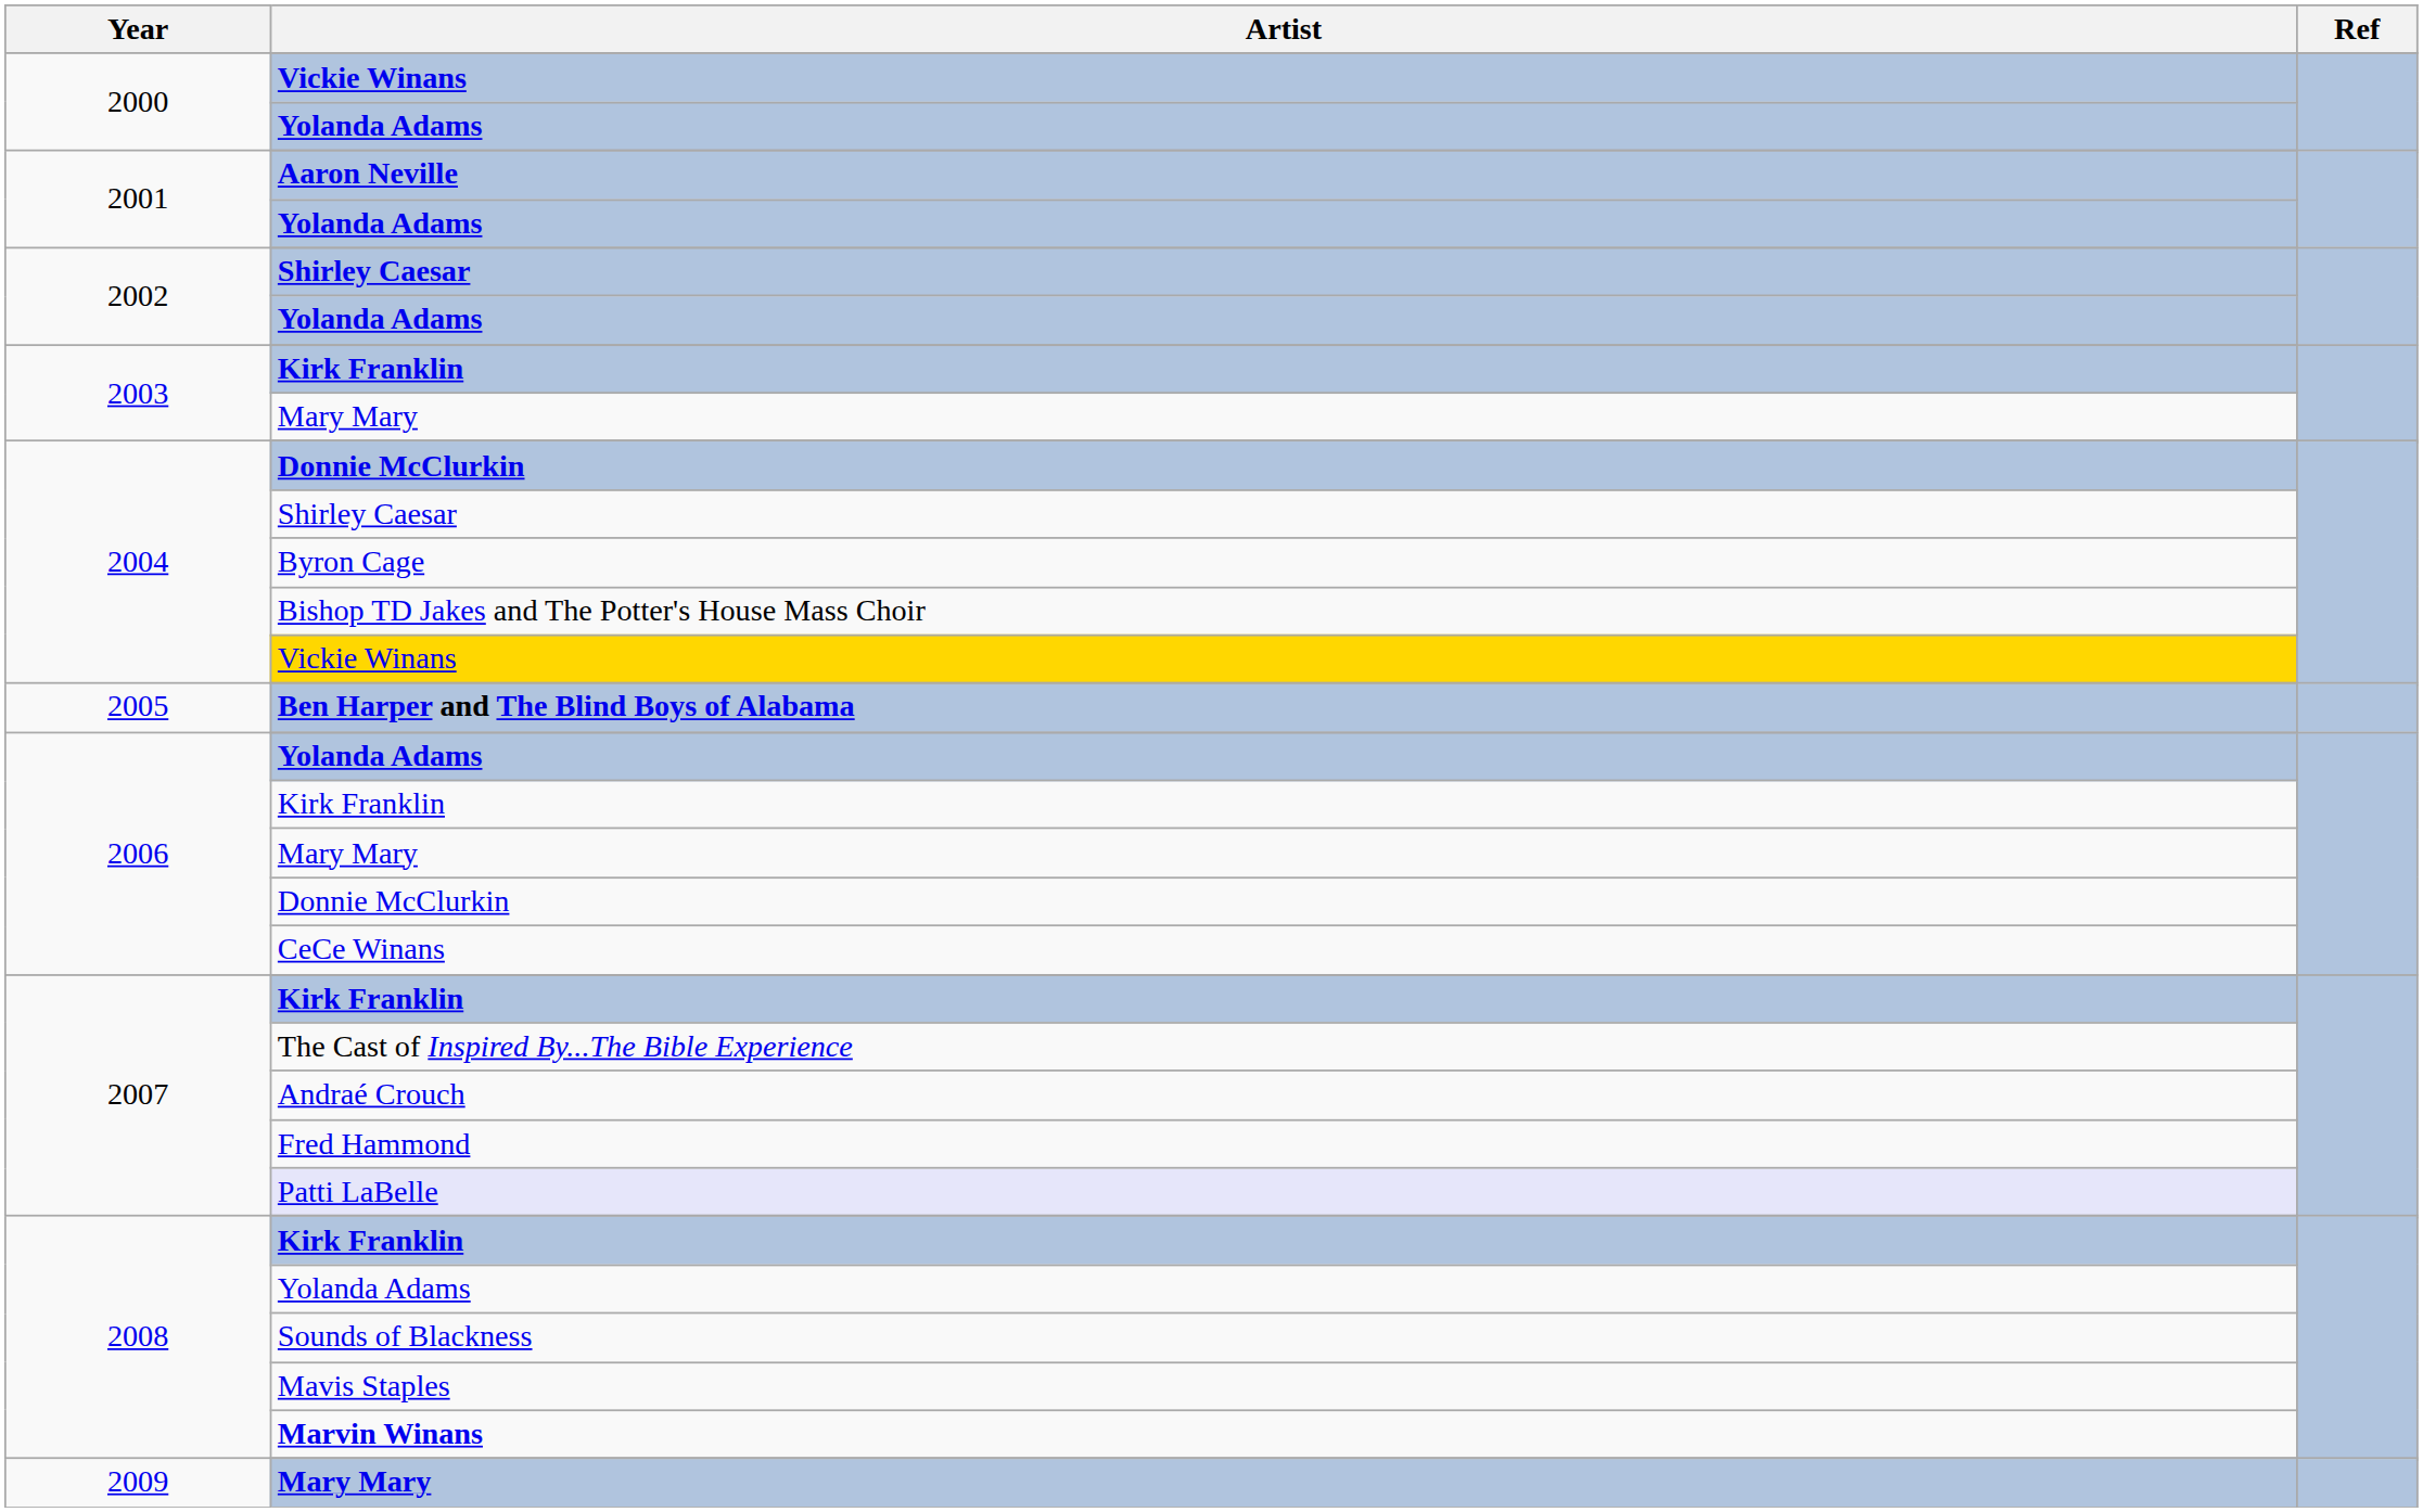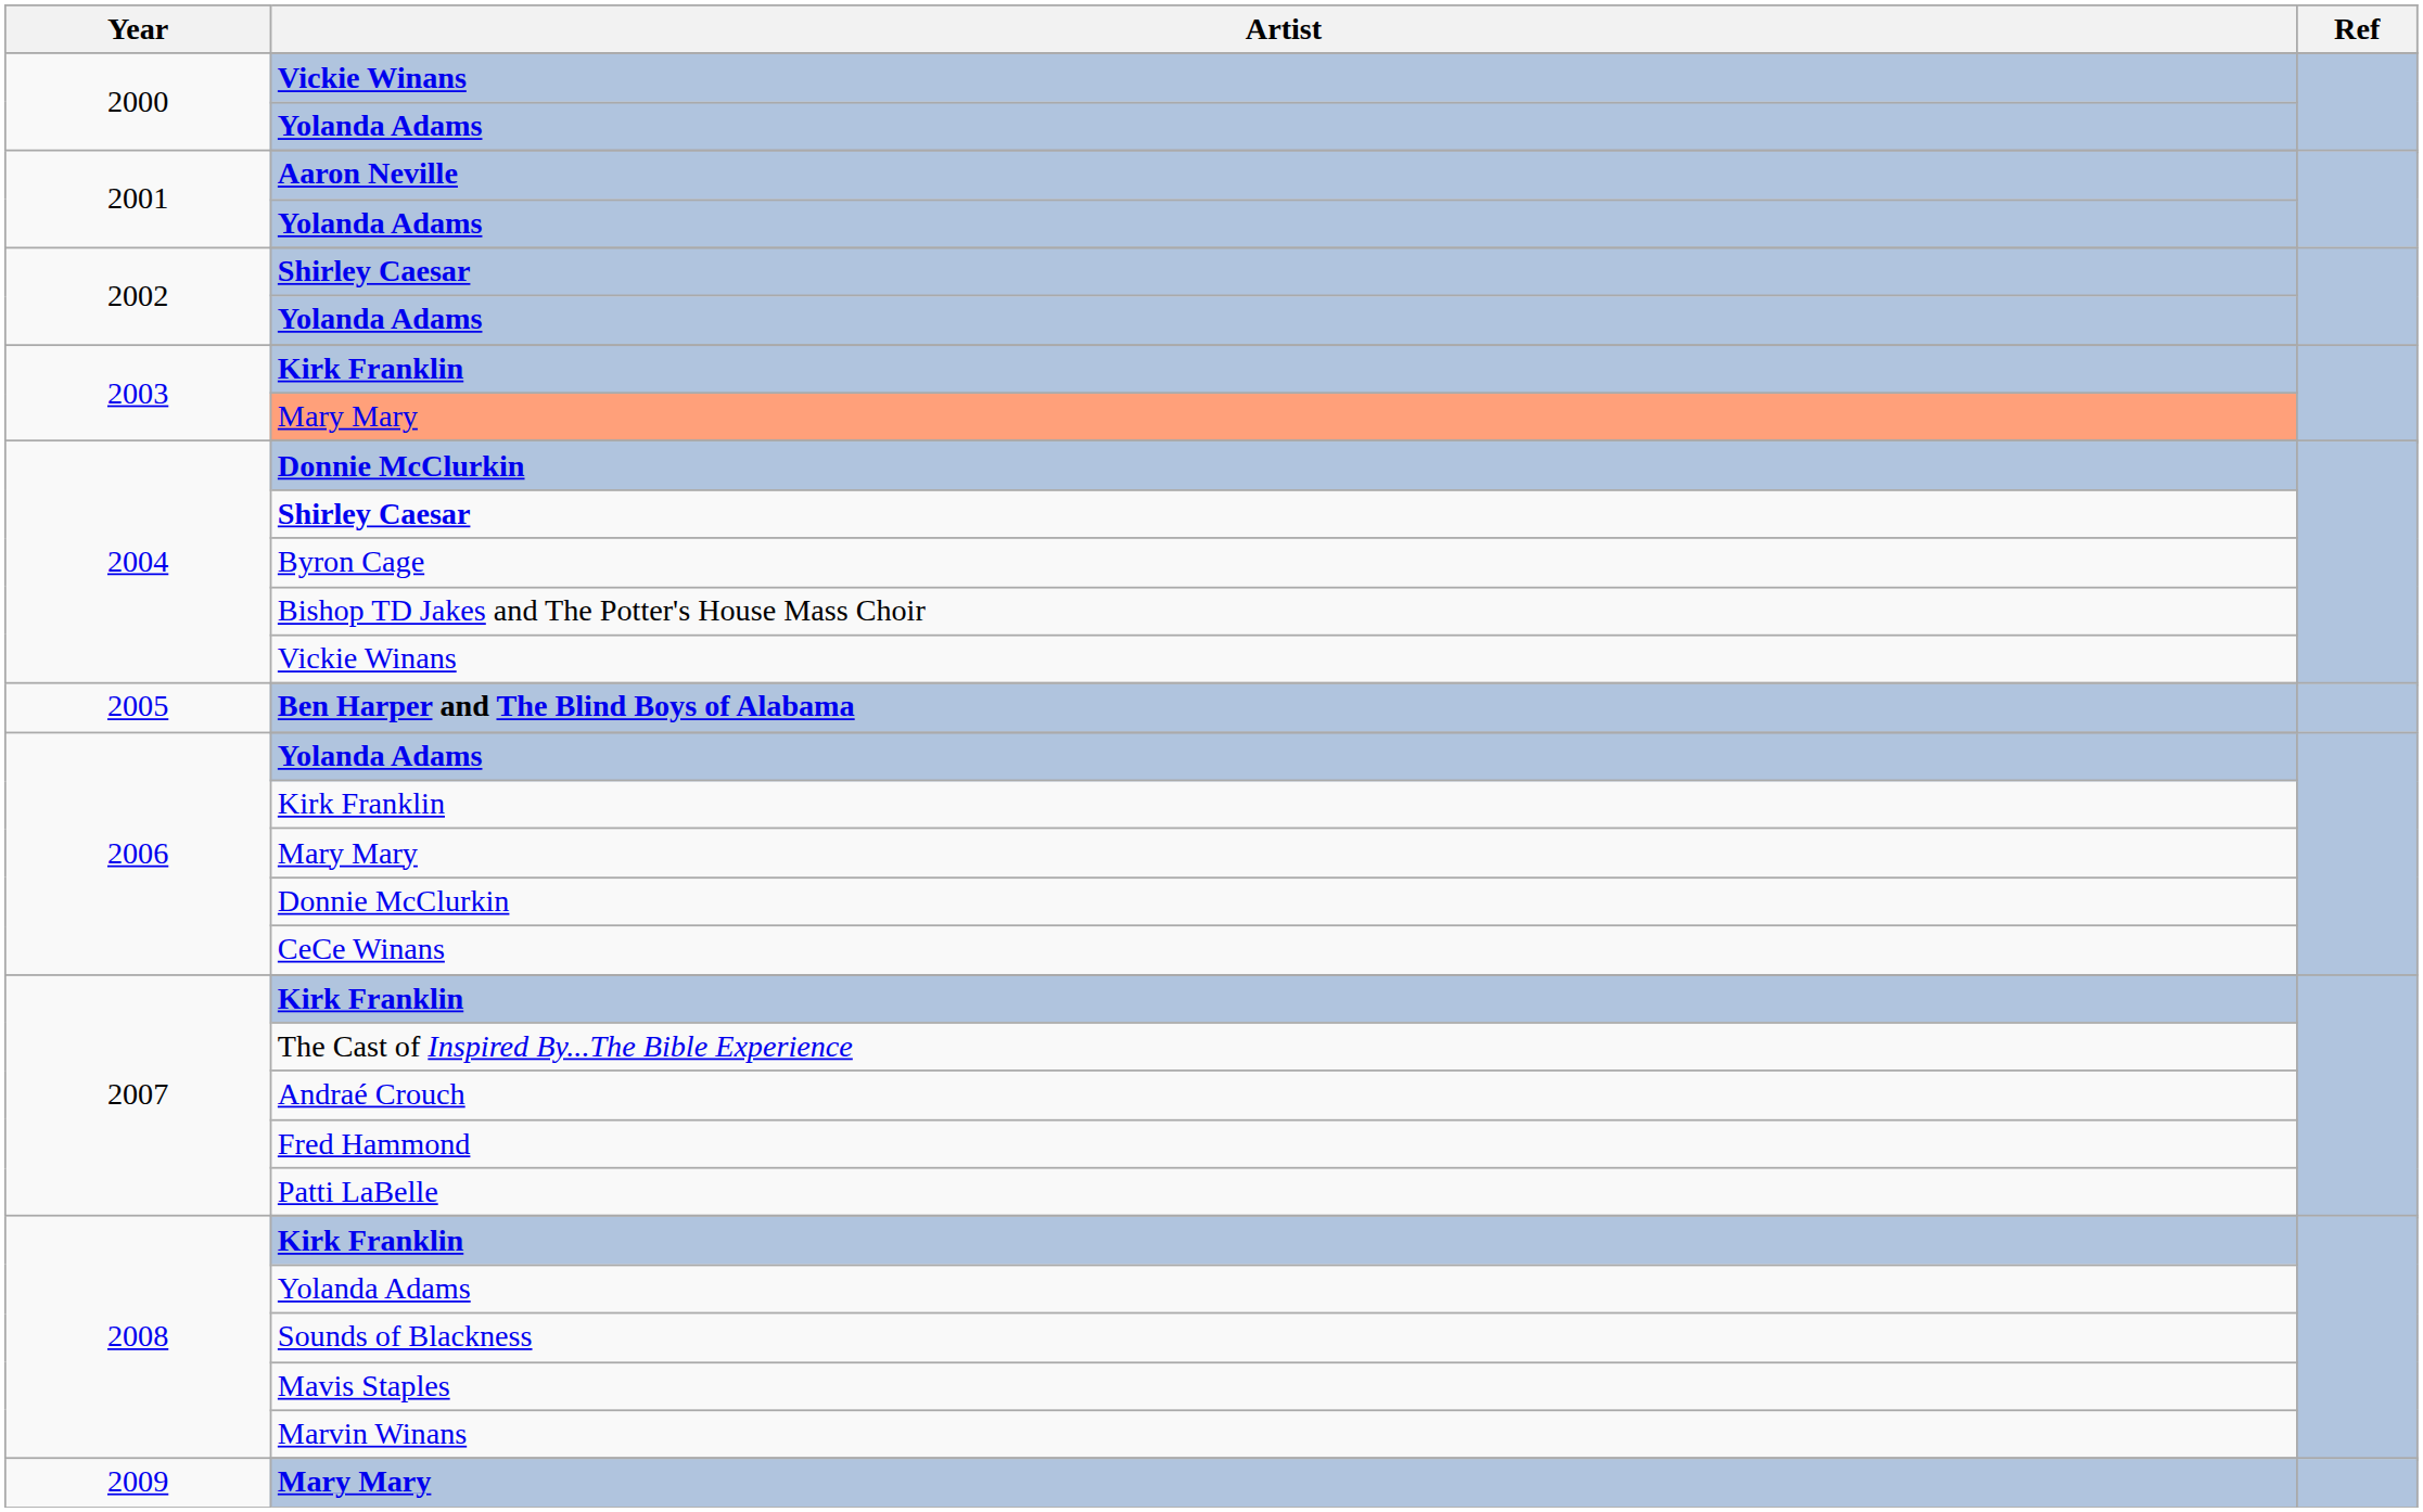 <table class="wikitable" style="width:100%;">
 <tr style="background:#bebebe;">
 <th style="width:11%;">Year</th>
 <th style="width:84%;">Artist</th>
 <th style="width:5%;">Ref</th>
 </tr>
 <tr>
 <td rowspan="3" align="center">2000</td>
 </tr>
 <tr style="background:#B0C4DE">
 <td><strong><a href='#'>Vickie Winans</a> </strong></td>
 <td rowspan="3" align="center"></td>
 </tr>
 <tr style="background:#B0C4DE">
 <td><strong><a href='#'>Yolanda Adams</a> </strong></td>
 </tr>
 <tr>
 <td rowspan="3" align="center">2001</td>
 </tr>
 <tr style="background:#B0C4DE">
 <td><strong><a href='#'>Aaron Neville</a> </strong></td>
 <td rowspan="3" align="center"></td>
 </tr>
 <tr style="background:#B0C4DE">
 <td><strong><a href='#'>Yolanda Adams</a> </strong></td>
 </tr>
 <tr>
 <td rowspan="3" align="center">2002</td>
 </tr>
 <tr style="background:#B0C4DE">
 <td><strong><a href='#'>Shirley Caesar</a> </strong></td>
 <td rowspan="3" align="center"></td>
 </tr>
 <tr style="background:#B0C4DE">
 <td><strong><a href='#'>Yolanda Adams</a> </strong></td>
 </tr>
 <tr>
 <td rowspan="3" align="center"><a href='#'>2003</a></td>
 </tr>
 <tr style="background:#B0C4DE">
 <td><strong><a href='#'>Kirk Franklin</a></strong></td>
 <td rowspan="3" align="center"></td>
 </tr>
 <tr>
-<td><a href='#'>Mary Mary</a></td>
+<td style="background: lightsalmon;"><a href='#'>Mary Mary</a></td>
 </tr>
 <tr>
 <td rowspan="6" align="center"><a href='#'>2004</a></td>
 </tr>
 <tr style="background:#B0C4DE">
 <td><strong><a href='#'>Donnie McClurkin</a></strong></td>
 <td rowspan="6" align="center"></td>
 </tr>
 <tr>
-<td><a href='#'>Shirley Caesar</a></td>
+<td><strong><a href='#'>Shirley Caesar</a></strong></td>
 </tr>
 <tr>
 <td><a href='#'>Byron Cage</a></td>
 </tr>
 <tr>
 <td><a href='#'>Bishop TD Jakes</a> and The Potter's House Mass Choir</td>
 </tr>
 <tr>
-<td style="background: gold;"><a href='#'>Vickie Winans</a></td>
+<td><a href='#'>Vickie Winans</a></td>
 </tr>
 <tr>
 <td rowspan="2" align="center"><a href='#'>2005</a></td>
 </tr>
 <tr style="background:#B0C4DE">
 <td><strong><a href='#'>Ben Harper</a> and <a href='#'>The Blind Boys of Alabama</a></strong></td>
 <td rowspan="2" align="center"></td>
 </tr>
 <tr>
 <td rowspan="6" align="center"><a href='#'>2006</a></td>
 </tr>
 <tr style="background:#B0C4DE">
 <td><strong><a href='#'>Yolanda Adams</a></strong></td>
 <td rowspan="6" align="center"></td>
 </tr>
 <tr>
 <td><a href='#'>Kirk Franklin</a></td>
 </tr>
 <tr>
 <td><a href='#'>Mary Mary</a></td>
 </tr>
 <tr>
 <td><a href='#'>Donnie McClurkin</a></td>
 </tr>
 <tr>
 <td><a href='#'>CeCe Winans</a></td>
 </tr>
 <tr>
 <td rowspan="6" align="center">2007</td>
 </tr>
 <tr style="background:#B0C4DE">
 <td><strong><a href='#'>Kirk Franklin</a></strong></td>
 <td rowspan="6" align="center"></td>
 </tr>
 <tr>
 <td>The Cast of <em><a href='#'>Inspired By...The Bible Experience</a></em></td>
 </tr>
 <tr>
 <td><a href='#'>Andraé Crouch</a></td>
 </tr>
 <tr>
 <td><a href='#'>Fred Hammond</a></td>
 </tr>
 <tr>
-<td style="background: lavender;"><a href='#'>Patti LaBelle</a></td>
+<td><a href='#'>Patti LaBelle</a></td>
 </tr>
 <tr>
 <td rowspan="6" align="center"><a href='#'>2008</a></td>
 </tr>
 <tr style="background:#B0C4DE">
 <td><strong><a href='#'>Kirk Franklin</a></strong></td>
 <td rowspan="6" align="center"></td>
 </tr>
 <tr>
 <td><a href='#'>Yolanda Adams</a></td>
 </tr>
 <tr>
 <td><a href='#'>Sounds of Blackness</a></td>
 </tr>
 <tr>
 <td><a href='#'>Mavis Staples</a></td>
 </tr>
 <tr>
-<td><strong><a href='#'>Marvin Winans</a></strong></td>
+<td><a href='#'>Marvin Winans</a></td>
 </tr>
 <tr>
 <td rowspan="2" align="center"><a href='#'>2009</a></td>
 </tr>
 <tr style="background:#B0C4DE">
 <td><strong><a href='#'>Mary Mary</a></strong></td>
 <td rowspan="2" align="center"></td>
 </tr>
 </table>
